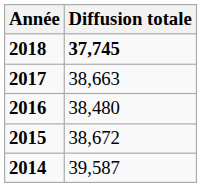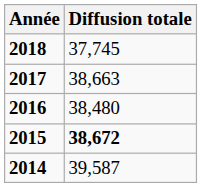 <table class="wikitable">
 <tr>
 <th>Année</th>
 <th>Diffusion totale</th>
 </tr>
 <tr>
 <td><strong>2018</strong></td>
-<td><strong>37,745</strong></td>
+<td>37,745</td>
 </tr>
 <tr>
 <td><strong>2017</strong></td>
 <td>38,663</td>
 </tr>
 <tr>
 <td><strong>2016</strong></td>
 <td>38,480</td>
 </tr>
 <tr>
 <td><strong>2015</strong></td>
-<td>38,672</td>
+<td><strong>38,672</strong></td>
 </tr>
 <tr>
 <td><strong>2014</strong></td>
 <td>39,587</td>
 </tr>
 </table>
